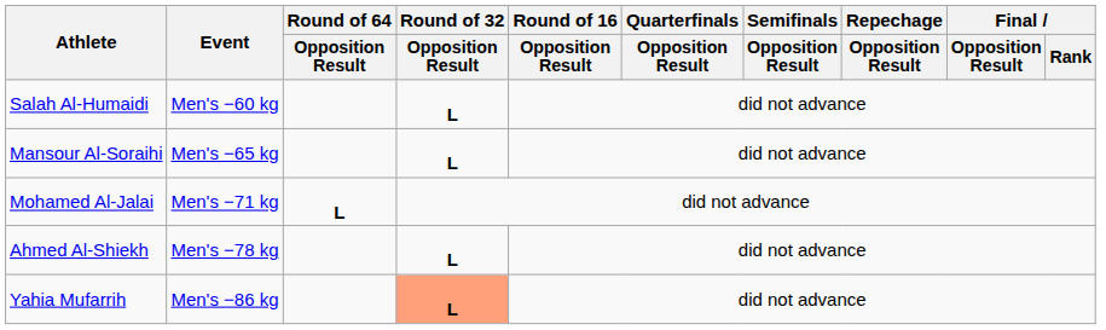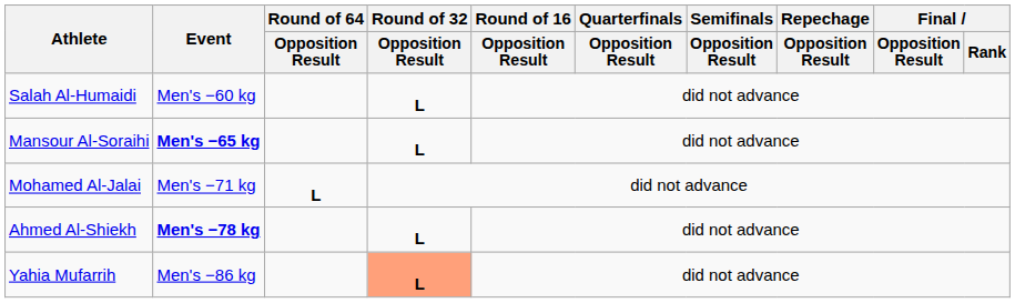 <table class="wikitable" style="font-size:90%">
 <tr>
 <th rowspan=2>Athlete</th>
 <th rowspan=2>Event</th>
 <th>Round of 64</th>
 <th>Round of 32</th>
 <th>Round of 16</th>
 <th>Quarterfinals</th>
 <th>Semifinals</th>
 <th>Repechage</th>
 <th colspan=2>Final / </th>
 </tr>
 <tr style="font-size:95%">
 <th>Opposition<br>Result</th>
 <th>Opposition<br>Result</th>
 <th>Opposition<br>Result</th>
 <th>Opposition<br>Result</th>
 <th>Opposition<br>Result</th>
 <th>Opposition<br>Result</th>
 <th>Opposition<br>Result</th>
 <th>Rank</th>
 </tr>
 <tr align=center>
 <td align=left><a href='#'>Salah Al-Humaidi</a></td>
 <td align=left><a href='#'>Men's −60 kg</a></td>
 <td></td>
 <td><br><strong>L</strong></td>
 <td colspan=6>did not advance</td>
 </tr>
 <tr align=center>
 <td align=left><a href='#'>Mansour Al-Soraihi</a></td>
-<td align=left><a href='#'>Men's −65 kg</a></td>
+<td align=left><strong><a href='#'>Men's −65 kg</a></strong></td>
 <td></td>
 <td><br><strong>L</strong></td>
 <td colspan=6>did not advance</td>
 </tr>
 <tr align=center>
 <td align=left><a href='#'>Mohamed Al-Jalai</a></td>
 <td align=left><a href='#'>Men's −71 kg</a></td>
 <td><br><strong>L</strong></td>
 <td colspan=7>did not advance</td>
 </tr>
 <tr align=center>
 <td align=left><a href='#'>Ahmed Al-Shiekh</a></td>
-<td align=left><a href='#'>Men's −78 kg</a></td>
+<td align=left><strong><a href='#'>Men's −78 kg</a></strong></td>
 <td></td>
 <td><br><strong>L</strong></td>
 <td colspan=6>did not advance</td>
 </tr>
 <tr align=center>
 <td align=left><a href='#'>Yahia Mufarrih</a></td>
 <td align=left><a href='#'>Men's −86 kg</a></td>
 <td></td>
 <td style="background: lightsalmon;"><br><strong>L</strong></td>
 <td colspan=6>did not advance</td>
 </tr>
 </table>
